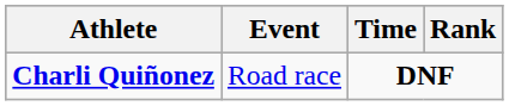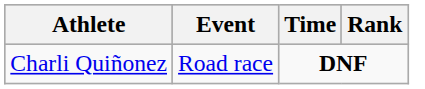 <table class="wikitable" style="font-size:90%">
 <tr>
 <th>Athlete</th>
 <th>Event</th>
 <th>Time</th>
 <th>Rank</th>
 </tr>
 <tr>
-<td><strong><a href='#'>Charli Quiñonez</a></strong></td>
+<td><a href='#'>Charli Quiñonez</a></td>
 <td align=center rowspan=4><a href='#'>Road race</a></td>
 <td align=center colspan="2"><strong>DNF</strong></td>
 </tr>
 </table>
